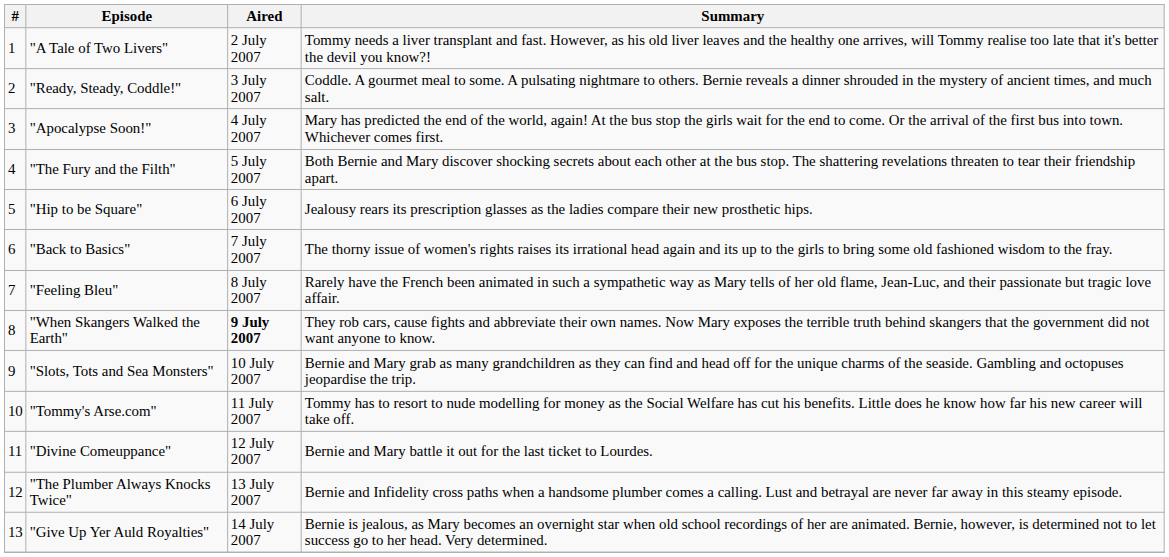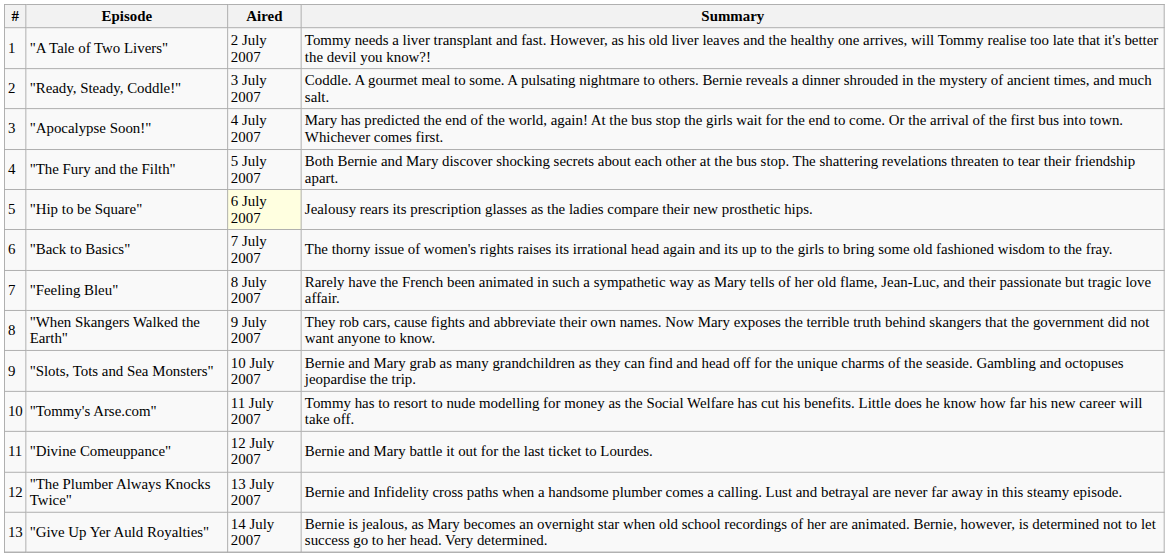 <table class="wikitable">
 <tr>
 <th>#</th>
 <th>Episode</th>
 <th>Aired</th>
 <th>Summary</th>
 </tr>
 <tr>
 <td>1</td>
 <td>"A Tale of Two Livers"</td>
 <td>2 July 2007</td>
 <td>Tommy needs a liver transplant and fast. However, as his old liver leaves and the healthy one arrives, will Tommy realise too late that it's better the devil you know?!</td>
 </tr>
 <tr>
 <td>2</td>
 <td>"Ready, Steady, Coddle!"</td>
 <td>3 July 2007</td>
 <td>Coddle. A gourmet meal to some. A pulsating nightmare to others. Bernie reveals a dinner shrouded in the mystery of ancient times, and much salt.</td>
 </tr>
 <tr>
 <td>3</td>
 <td>"Apocalypse Soon!"</td>
 <td>4 July 2007</td>
 <td>Mary has predicted the end of the world, again! At the bus stop the girls wait for the end to come. Or the arrival of the first bus into town. Whichever comes first.</td>
 </tr>
 <tr>
 <td>4</td>
 <td>"The Fury and the Filth"</td>
 <td>5 July 2007</td>
 <td>Both Bernie and Mary discover shocking secrets about each other at the bus stop. The shattering revelations threaten to tear their friendship apart.</td>
 </tr>
 <tr>
 <td>5</td>
 <td>"Hip to be Square"</td>
-<td>6 July 2007</td>
+<td style="background: lightyellow;">6 July 2007</td>
 <td>Jealousy rears its prescription glasses as the ladies compare their new prosthetic hips.</td>
 </tr>
 <tr>
 <td>6</td>
 <td>"Back to Basics"</td>
 <td>7 July 2007</td>
 <td>The thorny issue of women's rights raises its irrational head again and its up to the girls to bring some old fashioned wisdom to the fray.</td>
 </tr>
 <tr>
 <td>7</td>
 <td>"Feeling Bleu"</td>
 <td>8 July 2007</td>
 <td>Rarely have the French been animated in such a sympathetic way as Mary tells of her old flame, Jean-Luc, and their passionate but tragic love affair.</td>
 </tr>
 <tr>
 <td>8</td>
 <td>"When Skangers Walked the Earth"</td>
-<td><strong>9 July 2007</strong></td>
+<td>9 July 2007</td>
 <td>They rob cars, cause fights and abbreviate their own names. Now Mary exposes the terrible truth behind skangers that the government did not want anyone to know.</td>
 </tr>
 <tr>
 <td>9</td>
 <td>"Slots, Tots and Sea Monsters"</td>
 <td>10 July 2007</td>
 <td>Bernie and Mary grab as many grandchildren as they can find and head off for the unique charms of the seaside. Gambling and octopuses jeopardise the trip.</td>
 </tr>
 <tr>
 <td>10</td>
 <td>"Tommy's Arse.com"</td>
 <td>11 July 2007</td>
 <td>Tommy has to resort to nude modelling for money as the Social Welfare has cut his benefits. Little does he know how far his new career will take off.</td>
 </tr>
 <tr>
 <td>11</td>
 <td>"Divine Comeuppance"</td>
 <td>12 July 2007</td>
 <td>Bernie and Mary battle it out for the last ticket to Lourdes.</td>
 </tr>
 <tr>
 <td>12</td>
 <td>"The Plumber Always Knocks Twice"</td>
 <td>13 July 2007</td>
 <td>Bernie and Infidelity cross paths when a handsome plumber comes a calling. Lust and betrayal are never far away in this steamy episode.</td>
 </tr>
 <tr>
 <td>13</td>
 <td>"Give Up Yer Auld Royalties"</td>
 <td>14 July 2007</td>
 <td>Bernie is jealous, as Mary becomes an overnight star when old school recordings of her are animated. Bernie, however, is determined not to let success go to her head. Very determined.</td>
 </tr>
 <tr>
 </tr>
 </table>
